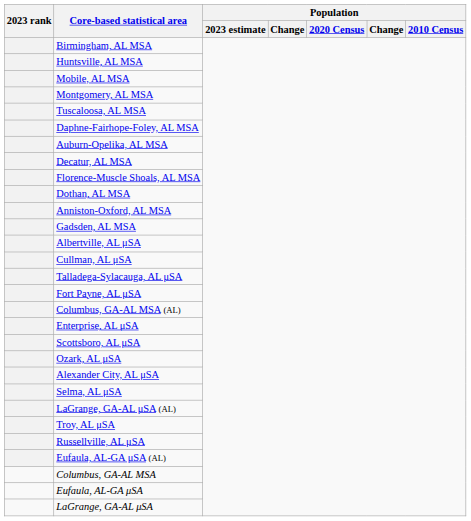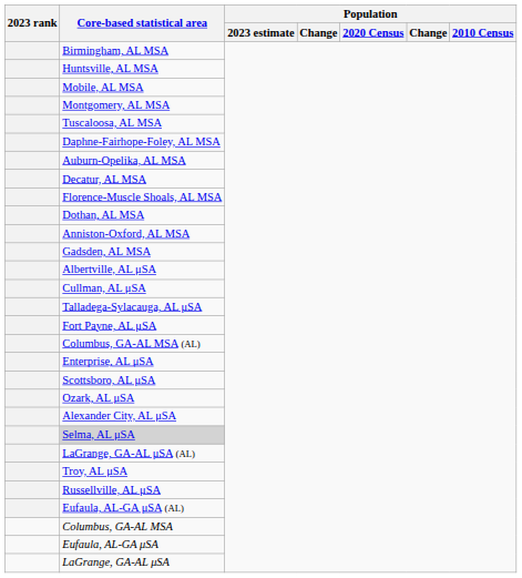 <table class="wikitable sortable">
 <tr>
 <th scope=col rowspan=2>2023 rank</th>
 <th scope=col rowspan=2><a href='#'>Core-based statistical area</a></th>
 <th colspan=5>Population</th>
 </tr>
 <tr>
 <th scope=col>2023 estimate</th>
 <th scope=col>Change</th>
 <th scope=col><a href='#'>2020 Census</a></th>
 <th scope=col>Change</th>
 <th scope=col><a href='#'>2010 Census</a></th>
 </tr>
 <tr>
 <th scope=row></th>
 <td><a href='#'>Birmingham, AL MSA</a><br></td>
 </tr>
 <tr>
 <th scope=row></th>
 <td><a href='#'>Huntsville, AL MSA</a><br></td>
 </tr>
 <tr>
 <th scope=row></th>
 <td><a href='#'>Mobile, AL MSA</a><br></td>
 </tr>
 <tr>
 <th scope=row></th>
 <td><a href='#'>Montgomery, AL MSA</a><br></td>
 </tr>
 <tr>
 <th scope=row></th>
 <td><a href='#'>Tuscaloosa, AL MSA</a><br></td>
 </tr>
 <tr>
 <th scope=row></th>
 <td><a href='#'>Daphne-Fairhope-Foley, AL MSA</a><br></td>
 </tr>
 <tr>
 <th scope=row></th>
 <td><a href='#'>Auburn-Opelika, AL MSA</a><br></td>
 </tr>
 <tr>
 <th scope=row></th>
 <td><a href='#'>Decatur, AL MSA</a><br></td>
 </tr>
 <tr>
 <th scope=row></th>
 <td><a href='#'>Florence-Muscle Shoals, AL MSA</a><br></td>
 </tr>
 <tr>
 <th scope=row></th>
 <td><a href='#'>Dothan, AL MSA</a><br></td>
 </tr>
 <tr>
 <th scope=row></th>
 <td><a href='#'>Anniston-Oxford, AL MSA</a><br></td>
 </tr>
 <tr>
 <th scope=row></th>
 <td><a href='#'>Gadsden, AL MSA</a><br></td>
 </tr>
 <tr>
 <th scope=row></th>
 <td><a href='#'>Albertville, AL μSA</a><br></td>
 </tr>
 <tr>
 <th scope=row></th>
 <td><a href='#'>Cullman, AL μSA</a><br></td>
 </tr>
 <tr>
 <th scope=row></th>
 <td><a href='#'>Talladega-Sylacauga, AL μSA</a><br></td>
 </tr>
 <tr>
 <th scope=row></th>
 <td><a href='#'>Fort Payne, AL μSA</a><br></td>
 </tr>
 <tr>
 <th scope=row></th>
 <td><a href='#'>Columbus, GA-AL MSA</a> <small>(AL)</small><br></td>
 </tr>
 <tr>
 <th scope=row></th>
 <td><a href='#'>Enterprise, AL μSA</a><br></td>
 </tr>
 <tr>
 <th scope=row></th>
 <td><a href='#'>Scottsboro, AL μSA</a><br></td>
 </tr>
 <tr>
 <th scope=row></th>
 <td><a href='#'>Ozark, AL μSA</a><br></td>
 </tr>
 <tr>
 <th scope=row></th>
 <td><a href='#'>Alexander City, AL μSA</a><br></td>
 </tr>
 <tr>
 <th scope=row></th>
-<td><a href='#'>Selma, AL μSA</a><br></td>
+<td style="background: lightgrey;"><a href='#'>Selma, AL μSA</a><br></td>
 </tr>
 <tr>
 <th scope=row></th>
 <td><a href='#'>LaGrange, GA-AL μSA</a> <small>(AL)</small><br></td>
 </tr>
 <tr>
 <th scope=row></th>
 <td><a href='#'>Troy, AL μSA</a><br></td>
 </tr>
 <tr>
 <th scope=row></th>
 <td><a href='#'>Russellville, AL μSA</a><br></td>
 </tr>
 <tr>
 <th scope=row></th>
 <td><a href='#'>Eufaula, AL-GA μSA</a> <small>(AL)</small><br></td>
 </tr>
 <tr>
 <td></td>
 <td><em><span>Columbus, GA-AL MSA</span></em><br></td>
 </tr>
 <tr>
 <td></td>
 <td><em><span>Eufaula, AL-GA μSA</span></em><br></td>
 </tr>
 <tr>
 <td></td>
 <td><em><span>LaGrange, GA-AL μSA</span></em><br></td>
 </tr>
 </table>
